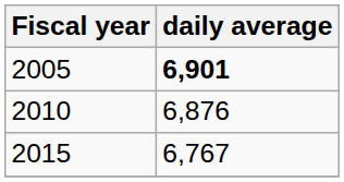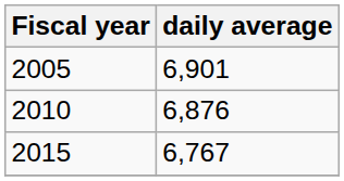 <table class="wikitable">
 <tr>
 <th>Fiscal year</th>
 <th>daily average</th>
 </tr>
 <tr>
 <td>2005</td>
-<td><strong>6,901</strong></td>
+<td>6,901</td>
 </tr>
 <tr>
 <td>2010</td>
 <td>6,876</td>
 </tr>
 <tr>
 <td>2015</td>
 <td>6,767</td>
 </tr>
 <tr>
 </tr>
 </table>
